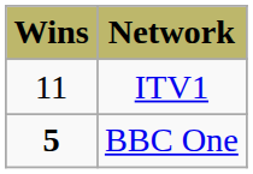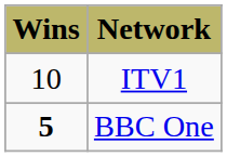 <table class="wikitable" style="text-align:center;">
 <tr>
 <th style="background:#BDB76B;">Wins</th>
 <th style="background:#BDB76B;">Network</th>
 </tr>
 <tr>
-<td>11</td>
+<td>10</td>
 <td><a href='#'>ITV1</a></td>
 </tr>
 <tr>
 <td><strong>5</strong></td>
 <td><a href='#'>BBC One</a></td>
 </tr>
 </table>
